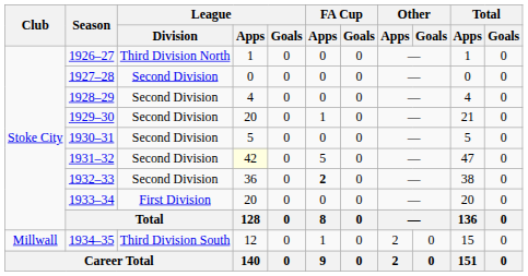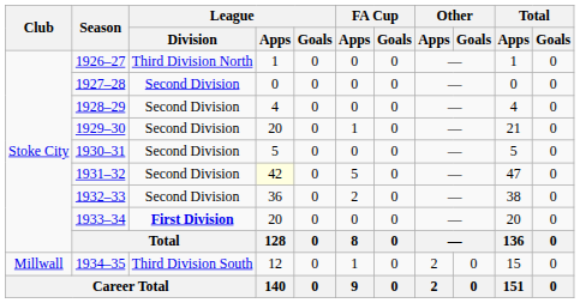 <table class="wikitable" style="text-align: center;">
 <tr>
 <th rowspan="2">Club</th>
 <th rowspan="2">Season</th>
 <th colspan="3">League</th>
 <th colspan="2">FA Cup</th>
 <th colspan="2">Other</th>
 <th colspan="2">Total</th>
 </tr>
 <tr>
 <th>Division</th>
 <th>Apps</th>
 <th>Goals</th>
 <th>Apps</th>
 <th>Goals</th>
 <th>Apps</th>
 <th>Goals</th>
 <th>Apps</th>
 <th>Goals</th>
 </tr>
 <tr>
 <td rowspan="9"><a href='#'>Stoke City</a></td>
 <td><a href='#'>1926–27</a></td>
 <td><a href='#'>Third Division North</a></td>
 <td>1</td>
 <td>0</td>
 <td>0</td>
 <td>0</td>
 <td colspan=2>—</td>
 <td>1</td>
 <td>0</td>
 </tr>
 <tr>
 <td><a href='#'>1927–28</a></td>
 <td><a href='#'>Second Division</a></td>
 <td>0</td>
 <td>0</td>
 <td>0</td>
 <td>0</td>
 <td colspan=2>—</td>
 <td>0</td>
 <td>0</td>
 </tr>
 <tr>
 <td><a href='#'>1928–29</a></td>
 <td>Second Division</td>
 <td>4</td>
 <td>0</td>
 <td>0</td>
 <td>0</td>
 <td colspan=2>—</td>
 <td>4</td>
 <td>0</td>
 </tr>
 <tr>
 <td><a href='#'>1929–30</a></td>
 <td>Second Division</td>
 <td>20</td>
 <td>0</td>
 <td>1</td>
 <td>0</td>
 <td colspan=2>—</td>
 <td>21</td>
 <td>0</td>
 </tr>
 <tr>
 <td><a href='#'>1930–31</a></td>
 <td>Second Division</td>
 <td>5</td>
 <td>0</td>
 <td>0</td>
 <td>0</td>
 <td colspan=2>—</td>
 <td>5</td>
 <td>0</td>
 </tr>
 <tr>
 <td><a href='#'>1931–32</a></td>
 <td>Second Division</td>
 <td style="background: lightyellow;">42</td>
 <td>0</td>
 <td>5</td>
 <td>0</td>
 <td colspan=2>—</td>
 <td>47</td>
 <td>0</td>
 </tr>
 <tr>
 <td><a href='#'>1932–33</a></td>
 <td>Second Division</td>
 <td>36</td>
 <td>0</td>
-<td><strong>2</strong></td>
+<td>2</td>
 <td>0</td>
 <td colspan=2>—</td>
 <td>38</td>
 <td>0</td>
 </tr>
 <tr>
 <td><a href='#'>1933–34</a></td>
-<td><a href='#'>First Division</a></td>
+<td><strong><a href='#'>First Division</a></strong></td>
 <td>20</td>
 <td>0</td>
 <td>0</td>
 <td>0</td>
 <td colspan=2>—</td>
 <td>20</td>
 <td>0</td>
 </tr>
 <tr>
 <th colspan="2">Total</th>
 <th>128</th>
 <th>0</th>
 <th>8</th>
 <th>0</th>
 <th colspan=2>—</th>
 <th>136</th>
 <th>0</th>
 </tr>
 <tr>
 <td><a href='#'>Millwall</a></td>
 <td><a href='#'>1934–35</a></td>
 <td><a href='#'>Third Division South</a></td>
 <td>12</td>
 <td>0</td>
 <td>1</td>
 <td>0</td>
 <td>2</td>
 <td>0</td>
 <td>15</td>
 <td>0</td>
 </tr>
 <tr>
 <th colspan="3">Career Total</th>
 <th>140</th>
 <th>0</th>
 <th>9</th>
 <th>0</th>
 <th>2</th>
 <th>0</th>
 <th>151</th>
 <th>0</th>
 </tr>
 </table>
